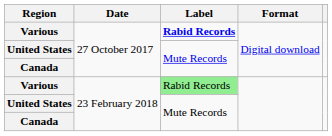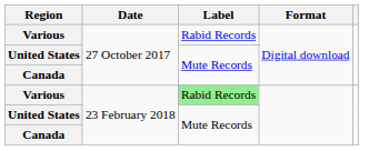 <table class="wikitable plainrowheaders">
 <tr>
 <th scope="col">Region</th>
 <th scope="col">Date</th>
 <th scope="col">Label</th>
 <th scope="col">Format</th>
 <th scope="col"></th>
 </tr>
 <tr>
 <th scope="row">Various</th>
 <td rowspan="3">27 October 2017</td>
-<td><strong><a href='#'>Rabid Records</a></strong></td>
+<td><a href='#'>Rabid Records</a></td>
 <td rowspan="3"><a href='#'>Digital download</a></td>
 <td rowspan="3"></td>
 </tr>
 <tr>
 <th scope="row">United States</th>
 <td rowspan="2"><a href='#'>Mute Records</a></td>
 </tr>
 <tr>
 <th scope="row">Canada</th>
 </tr>
 <tr>
 <th scope="row">Various</th>
 <td rowspan="3">23 February 2018</td>
 <td style="background: lightgreen;">Rabid Records</td>
 <td rowspan="3"></td>
 <td rowspan="3"></td>
 </tr>
 <tr>
 <th scope="row">United States</th>
 <td rowspan="2">Mute Records</td>
 </tr>
 <tr>
 <th scope="row">Canada</th>
 </tr>
 </table>
